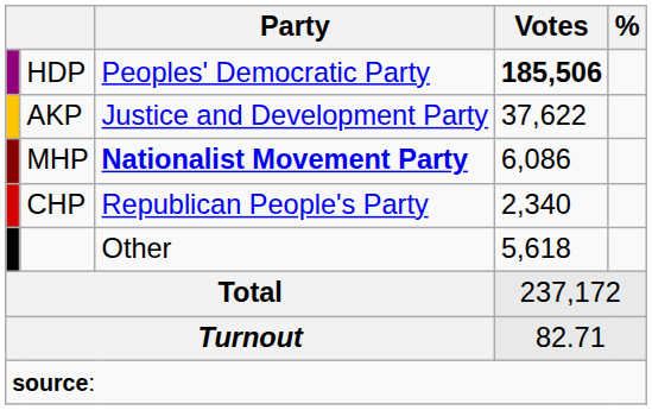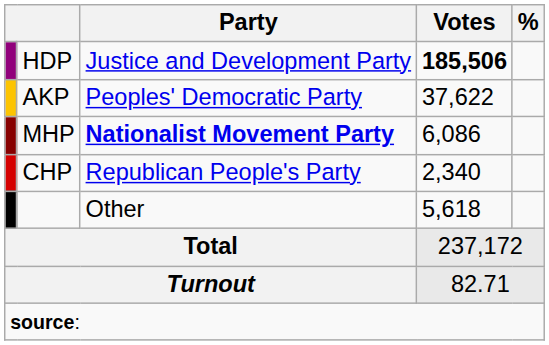 <table class="wikitable">
 <tr>
 <th colspan="2" align="center"></th>
 <th align="center">Party</th>
 <th align="center">Votes</th>
 <th align="center">%</th>
 </tr>
 <tr align="left">
 <td bgcolor="#91007B" width="1"></td>
 <td>HDP</td>
-<td><a href='#'>Peoples' Democratic Party</a></td>
+<td><a href='#'>Justice and Development Party</a></td>
 <td><strong>185,506</strong></td>
 <td><strong></strong></td>
 </tr>
 <tr align="left">
 <td bgcolor="#FDC400" width="1"></td>
 <td>AKP</td>
-<td><a href='#'>Justice and Development Party</a></td>
+<td><a href='#'>Peoples' Democratic Party</a></td>
 <td>37,622</td>
 <td></td>
 </tr>
 <tr align="left">
 <td bgcolor="#870000" width="1"></td>
 <td>MHP</td>
 <td><strong><a href='#'>Nationalist Movement Party</a></strong></td>
 <td>6,086</td>
 <td></td>
 </tr>
 <tr align="left">
 <td bgcolor="#d50000" width="1"></td>
 <td>CHP</td>
 <td><a href='#'>Republican People's Party</a></td>
 <td>2,340</td>
 <td></td>
 </tr>
 <tr align="left">
 <td bgcolor=" " width="1"></td>
 <td></td>
 <td>Other</td>
 <td>5,618</td>
 <td></td>
 </tr>
 <tr align="left" style="background-color:#E9E9E9">
 <th colspan="3" align="center"><strong>Total</strong></th>
 <td colspan="5" align="center">237,172</td>
 </tr>
 <tr align="left" style="background-color:#E9E9E9">
 <th colspan="3" align="center"><em>Turnout</em></th>
 <td colspan="5" align="center">82.71</td>
 </tr>
 <tr>
 <td colspan="9" align="left"><small><strong>source</strong>: </small></td>
 </tr>
 </table>
